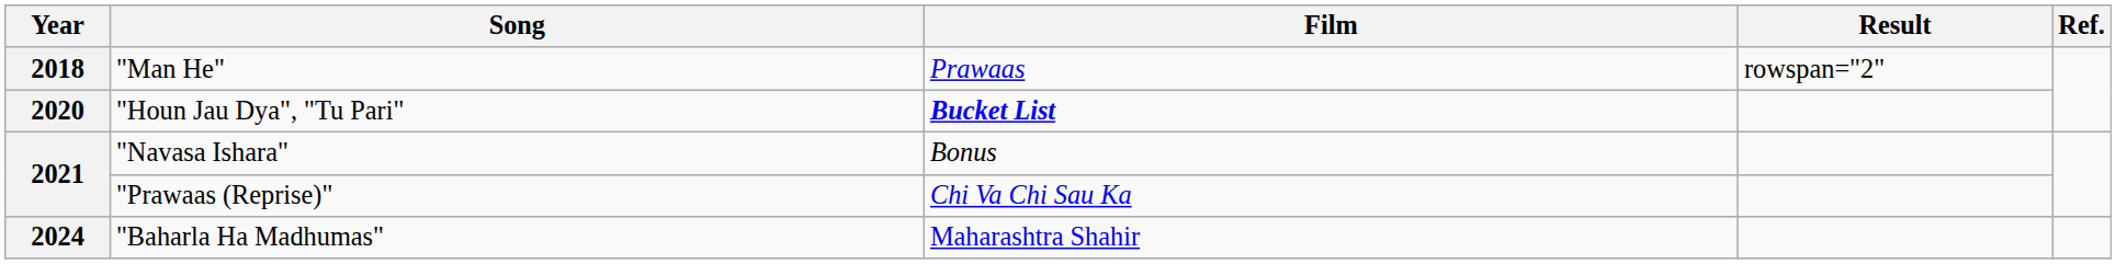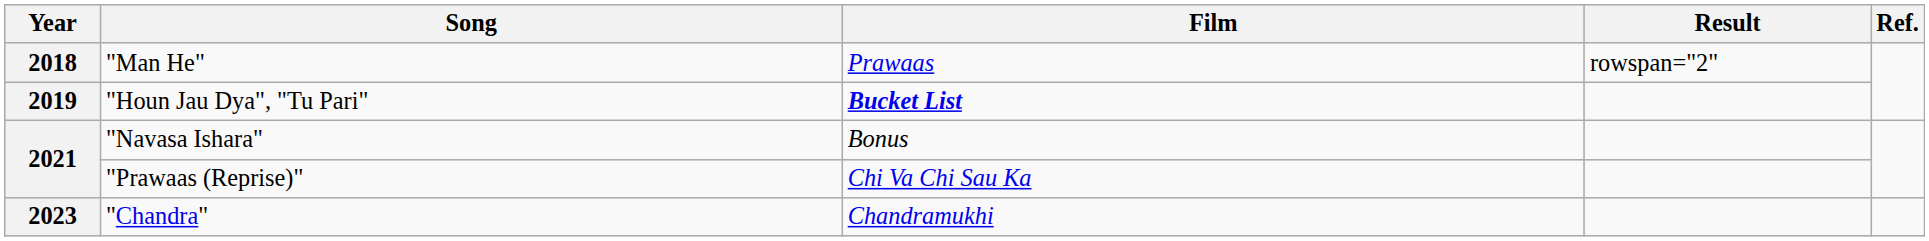 <table class="wikitable plainrowheaders" width="100%" textcolor:#000;">
 <tr>
 <th scope="col" width=5%><strong>Year</strong></th>
 <th scope="col" width=39%><strong>Song</strong></th>
 <th scope="col" width=39%><strong>Film</strong></th>
 <th scope="col" width=15%><strong>Result</strong></th>
 <th scope="col" width=2%><strong>Ref.</strong></th>
 </tr>
 <tr>
 <th scope="row">2018</th>
 <td>"Man He"</td>
 <td><em><a href='#'>Prawaas</a></em></td>
 <td>rowspan="2" </td>
 <td rowspan="2"></td>
 </tr>
 <tr>
-<th scope="row">2020</th>
+<th scope="row">2019</th>
 <td>"Houn Jau Dya", "Tu Pari"</td>
 <td><strong><a href='#'><em>Bucket List</em></a></strong></td>
 </tr>
 <tr>
 <th scope="row" rowspan="2">2021</th>
 <td>"Navasa Ishara"</td>
 <td><em>Bonus</em></td>
 <td></td>
 <td rowspan="2"></td>
 </tr>
 <tr>
 <td>"Prawaas (Reprise)"</td>
 <td><em><a href='#'>Chi Va Chi Sau Ka</a></em></td>
 <td></td>
 </tr>
 <tr>
-<th scope="row">2024</th>
-<td>"Baharla Ha Madhumas"</td>
-<td><a href='#'>Maharashtra Shahir</a></td>
+<th scope="row">2023</th>
+<td>"<a href='#'>Chandra</a>"</td>
+<td><a href='#'><em>Chandramukhi</em></a></td>
 <td></td>
 <td></td>
 </tr>
 </table>
